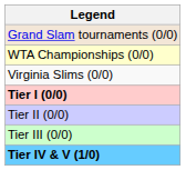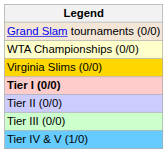 <table class="wikitable sortable">
 <tr>
 <th>Legend</th>
 </tr>
 <tr>
 <td bgcolor="#f3e6d7"><a href='#'>Grand Slam</a> tournaments (0/0)</td>
 </tr>
 <tr>
 <td bgcolor="#ffffcc">WTA Championships (0/0)</td>
 </tr>
 <tr>
-<td>Virginia Slims (0/0)</td>
+<td style="background: gold;">Virginia Slims (0/0)</td>
 </tr>
 <tr>
 <td bgcolor="#ffcccc"><strong>Tier I (0/0)</strong></td>
 </tr>
 <tr>
 <td bgcolor="#ccccff">Tier II (0/0)</td>
 </tr>
 <tr>
 <td bgcolor="#CCFFCC">Tier III (0/0)</td>
 </tr>
 <tr>
-<td bgcolor="#66CCFF"><strong>Tier IV & V (1/0)</strong></td>
+<td bgcolor="#66CCFF">Tier IV & V (1/0)</td>
 </tr>
 </table>
